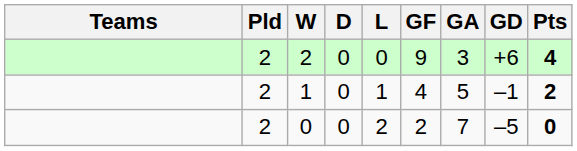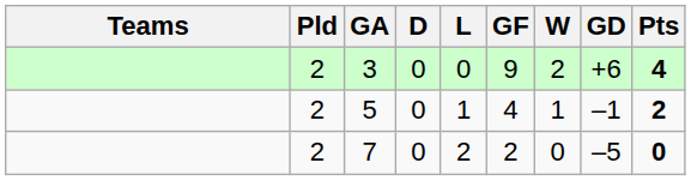 <table class="wikitable" style="text-align: center;">
 <tr>
 <th width=165>Teams</th>
 <th width=20>Pld</th>
-<th width=20>W</th>
+<th width=20>GA</th>
 <th width=20>D</th>
 <th width=20>L</th>
 <th width=20>GF</th>
-<th width=20>GA</th>
+<th width=20>W</th>
 <th width=20>GD</th>
 <th width=20>Pts</th>
 </tr>
 <tr align=center style="background:#ccffcc;">
 <td style="text-align:left;"></td>
 <td>2</td>
-<td>2</td>
+<td>3</td>
 <td>0</td>
 <td>0</td>
 <td>9</td>
-<td>3</td>
+<td>2</td>
 <td>+6</td>
 <td><strong>4</strong></td>
 </tr>
 <tr align=center>
 <td style="text-align:left;"></td>
 <td>2</td>
-<td>1</td>
+<td>5</td>
 <td>0</td>
 <td>1</td>
 <td>4</td>
-<td>5</td>
+<td>1</td>
 <td>–1</td>
 <td><strong>2</strong></td>
 </tr>
 <tr align=center>
 <td style="text-align:left;"></td>
 <td>2</td>
-<td>0</td>
+<td>7</td>
 <td>0</td>
 <td>2</td>
 <td>2</td>
-<td>7</td>
+<td>0</td>
 <td>–5</td>
 <td><strong>0</strong></td>
 </tr>
 </table>
